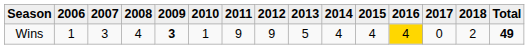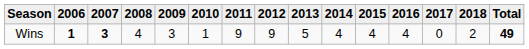 <table class="wikitable">
 <tr style=background:#efefef;font-weight:bold>
 <td>Season</td>
 <td>2006</td>
 <td>2007</td>
 <td>2008</td>
 <td>2009</td>
 <td>2010</td>
 <td>2011</td>
 <td>2012</td>
 <td>2013</td>
 <td>2014</td>
 <td>2015</td>
 <td>2016</td>
 <td>2017</td>
 <td>2018</td>
 <td><strong>Total</strong></td>
 </tr>
 <tr align=center>
 <td>Wins</td>
-<td>1</td>
+<td><strong>1</strong></td>
+<td><strong>3</strong></td>
+<td>4</td>
 <td>3</td>
-<td>4</td>
-<td><strong>3</strong></td>
 <td>1</td>
 <td>9</td>
 <td>9</td>
 <td>5</td>
 <td>4</td>
 <td>4</td>
-<td style="background: gold;">4</td>
+<td>4</td>
 <td>0</td>
 <td>2</td>
 <td><strong>49</strong></td>
 </tr>
 </table>
